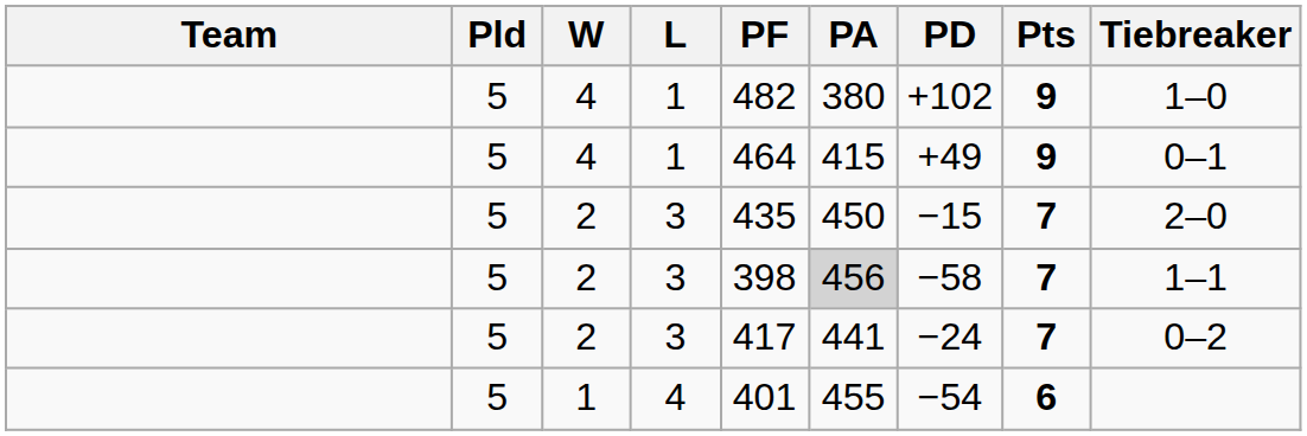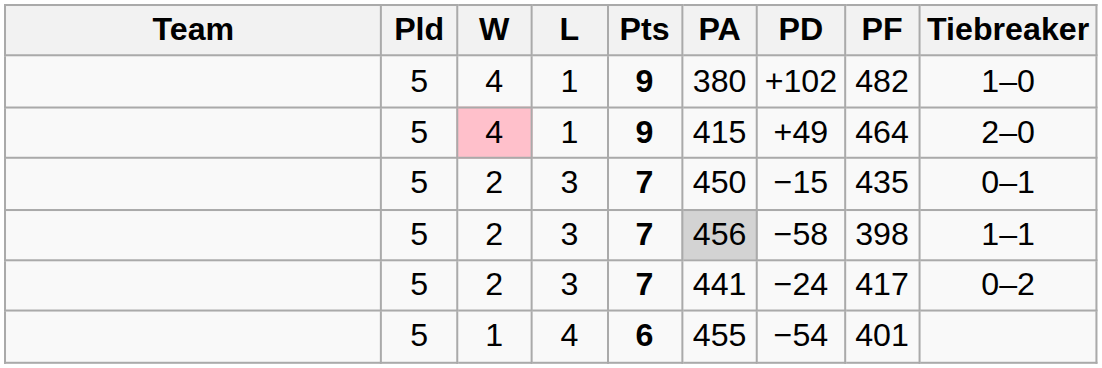 <table class=wikitable style="text-align:center">
 <tr>
 <th width=180>Team</th>
 <th width=30>Pld</th>
 <th width=30>W</th>
 <th width=30>L</th>
-<th width=30>PF</th>
+<th width=30>Pts</th>
 <th width=30>PA</th>
 <th width=30>PD</th>
-<th width=30>Pts</th>
+<th width=30>PF</th>
 <th width=80>Tiebreaker</th>
 </tr>
 <tr>
 <td align="left"></td>
 <td>5</td>
 <td>4</td>
 <td>1</td>
-<td>482</td>
+<td><strong>9</strong></td>
 <td>380</td>
 <td>+102</td>
-<td><strong>9</strong></td>
+<td>482</td>
 <td>1–0</td>
 </tr>
 <tr>
 <td align="left"></td>
 <td>5</td>
-<td>4</td>
+<td style="background: pink;">4</td>
 <td>1</td>
-<td>464</td>
+<td><strong>9</strong></td>
 <td>415</td>
 <td>+49</td>
-<td><strong>9</strong></td>
+<td>464</td>
+<td>2–0</td>
+</tr>
+<tr>
+<td align="left"></td>
+<td>5</td>
+<td>2</td>
+<td>3</td>
+<td><strong>7</strong></td>
+<td>450</td>
+<td>−15</td>
+<td>435</td>
 <td>0–1</td>
 </tr>
 <tr>
 <td align="left"></td>
 <td>5</td>
 <td>2</td>
 <td>3</td>
-<td>435</td>
-<td>450</td>
-<td>−15</td>
 <td><strong>7</strong></td>
-<td>2–0</td>
-</tr>
-<tr>
-<td align="left"></td>
-<td>5</td>
-<td>2</td>
-<td>3</td>
-<td>398</td>
 <td style="background: lightgrey;">456</td>
 <td>−58</td>
-<td><strong>7</strong></td>
+<td>398</td>
 <td>1–1</td>
 </tr>
 <tr>
 <td align="left"></td>
 <td>5</td>
 <td>2</td>
 <td>3</td>
-<td>417</td>
+<td><strong>7</strong></td>
 <td>441</td>
 <td>−24</td>
-<td><strong>7</strong></td>
+<td>417</td>
 <td>0–2</td>
 </tr>
 <tr>
 <td align="left"></td>
 <td>5</td>
 <td>1</td>
 <td>4</td>
-<td>401</td>
+<td><strong>6</strong></td>
 <td>455</td>
 <td>−54</td>
-<td><strong>6</strong></td>
+<td>401</td>
 <td></td>
 </tr>
 </table>
